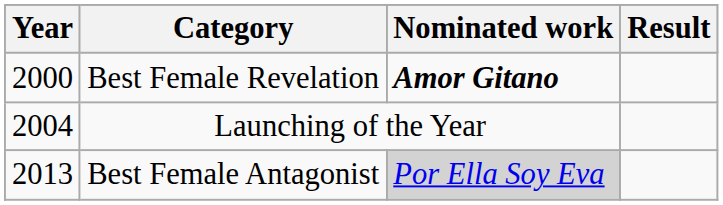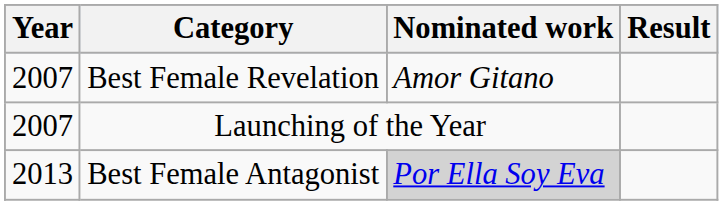 <table class="wikitable">
 <tr style="background:#b0c4de;">
 <th>Year</th>
 <th>Category</th>
 <th>Nominated work</th>
 <th>Result</th>
 </tr>
 <tr>
-<td>2000</td>
+<td>2007</td>
 <td>Best Female Revelation</td>
-<td><strong><em>Amor Gitano</em></strong></td>
+<td><em>Amor Gitano</em></td>
 <td></td>
 </tr>
 <tr>
-<td>2004</td>
+<td>2007</td>
 <td colspan="2" style="text-align:center;">Launching of the Year</td>
 <td></td>
 </tr>
 <tr>
 <td>2013</td>
 <td>Best Female Antagonist</td>
 <td style="background: lightgrey;"><em><a href='#'>Por Ella Soy Eva</a></em></td>
 <td></td>
 </tr>
 </table>
